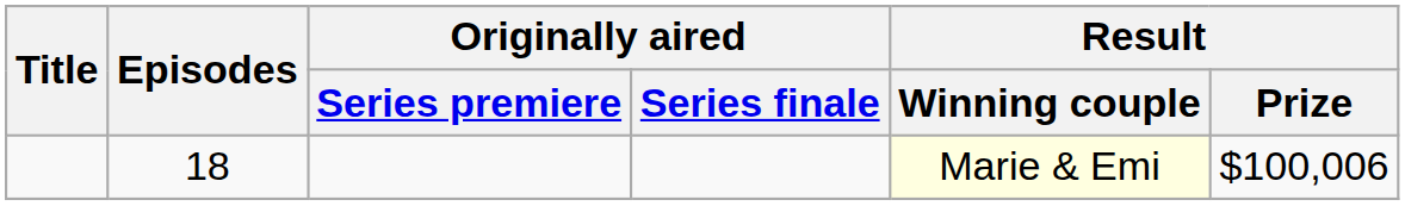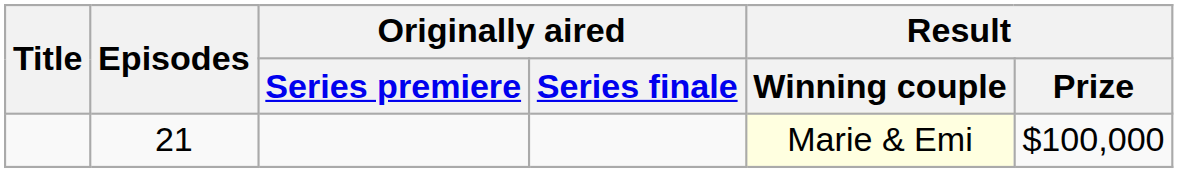 <table class="wikitable plainrowheaders" style="text-align: center;">
 <tr>
 <th scope="col" rowspan="2">Title</th>
 <th scope="col" rowspan="2">Episodes</th>
 <th scope="col" colspan="2">Originally aired</th>
 <th scope="col" colspan="2">Result</th>
 </tr>
 <tr>
 <th scope="col"><a href='#'>Series premiere</a></th>
 <th scope="col"><a href='#'>Series finale</a></th>
 <th scope="col">Winning couple</th>
 <th scope="col">Prize</th>
 </tr>
 <tr>
 <td></td>
-<td>18</td>
+<td>21</td>
 <td></td>
 <td></td>
 <td style="background: lightyellow;">Marie & Emi</td>
-<td>$100,006</td>
+<td>$100,000</td>
 </tr>
 </table>
